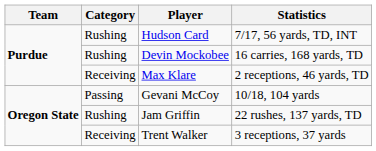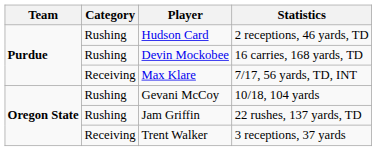 <table class="wikitable" style="float: right;">
 <tr>
 <th>Team</th>
 <th>Category</th>
 <th>Player</th>
 <th>Statistics</th>
 </tr>
 <tr>
 <td rowspan=3><strong>Purdue</strong></td>
 <td>Rushing</td>
 <td><a href='#'>Hudson Card</a></td>
-<td>7/17, 56 yards, TD, INT</td>
+<td>2 receptions, 46 yards, TD</td>
 </tr>
 <tr>
 <td>Rushing</td>
 <td><a href='#'>Devin Mockobee</a></td>
 <td>16 carries, 168 yards, TD</td>
 </tr>
 <tr>
 <td>Receiving</td>
 <td><a href='#'>Max Klare</a></td>
-<td>2 receptions, 46 yards, TD</td>
+<td>7/17, 56 yards, TD, INT</td>
 </tr>
 <tr>
 <td rowspan=3><strong>Oregon State</strong></td>
-<td>Passing</td>
+<td>Rushing</td>
 <td>Gevani McCoy</td>
 <td>10/18, 104 yards</td>
 </tr>
 <tr>
 <td>Rushing</td>
 <td>Jam Griffin</td>
 <td>22 rushes, 137 yards, TD</td>
 </tr>
 <tr>
 <td>Receiving</td>
 <td>Trent Walker</td>
 <td>3 receptions, 37 yards</td>
 </tr>
 </table>
